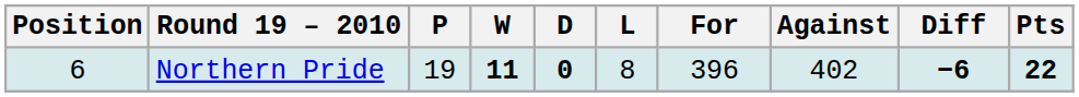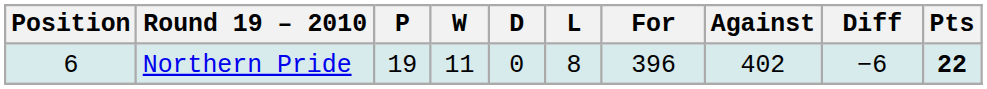 <table class="wikitable" style="text-align:center; font-size:85%;">
 <tr>
 <th width=40 abbr="Position">Position</th>
 <th width=100>Round 19 – 2010</th>
 <th width=20 abbr="Played">P</th>
 <th width=20 abbr="Won">W</th>
 <th width=20 abbr="Drawn">D</th>
 <th width=20 abbr="Lost">L</th>
 <th width=40 abbr="Points for">For</th>
 <th width=40 abbr="Points against">Against</th>
 <th width=40 abbr="Points difference">Diff</th>
 <th width=20 abbr="Points">Pts</th>
 </tr>
 <tr style="background: #d7ebed;">
 <td>6</td>
 <td style="text-align:left;"> <a href='#'>Northern Pride</a></td>
 <td>19</td>
-<td><strong>11</strong></td>
-<td><strong>0</strong></td>
+<td>11</td>
+<td>0</td>
 <td>8</td>
 <td>396</td>
 <td>402</td>
-<td><strong>−6</strong></td>
+<td>−6</td>
 <td><strong>22</strong></td>
 </tr>
 <tr>
 </tr>
 </table>
